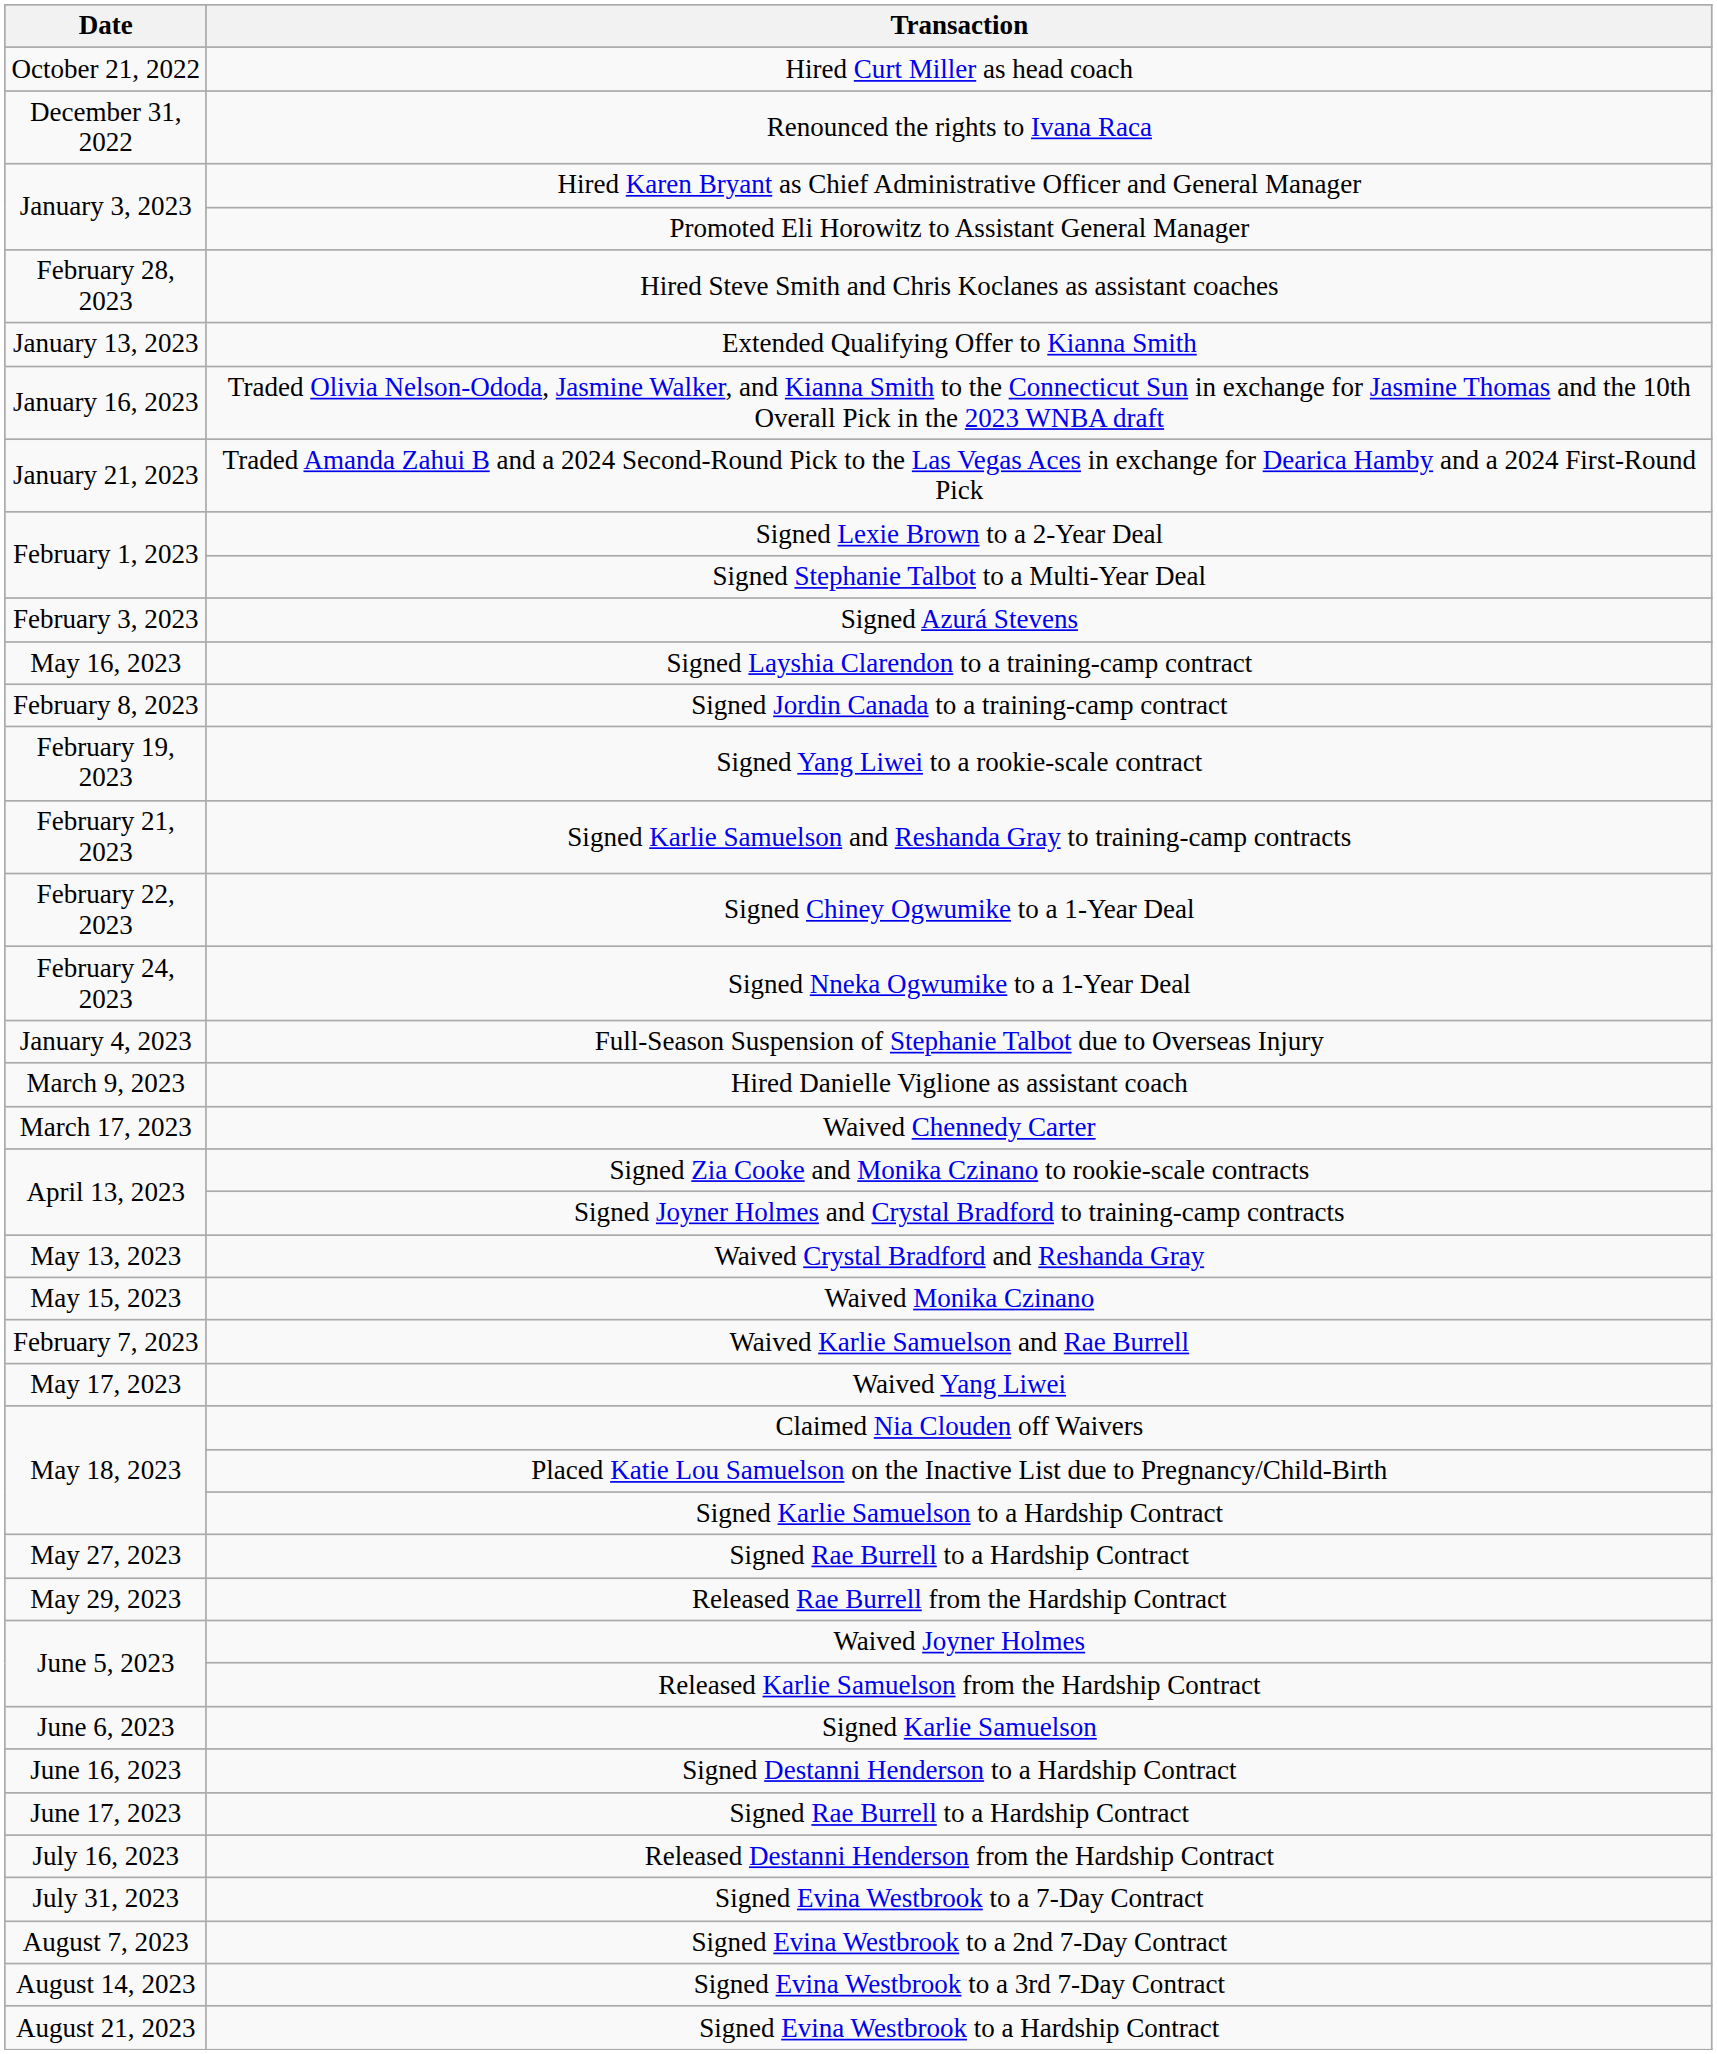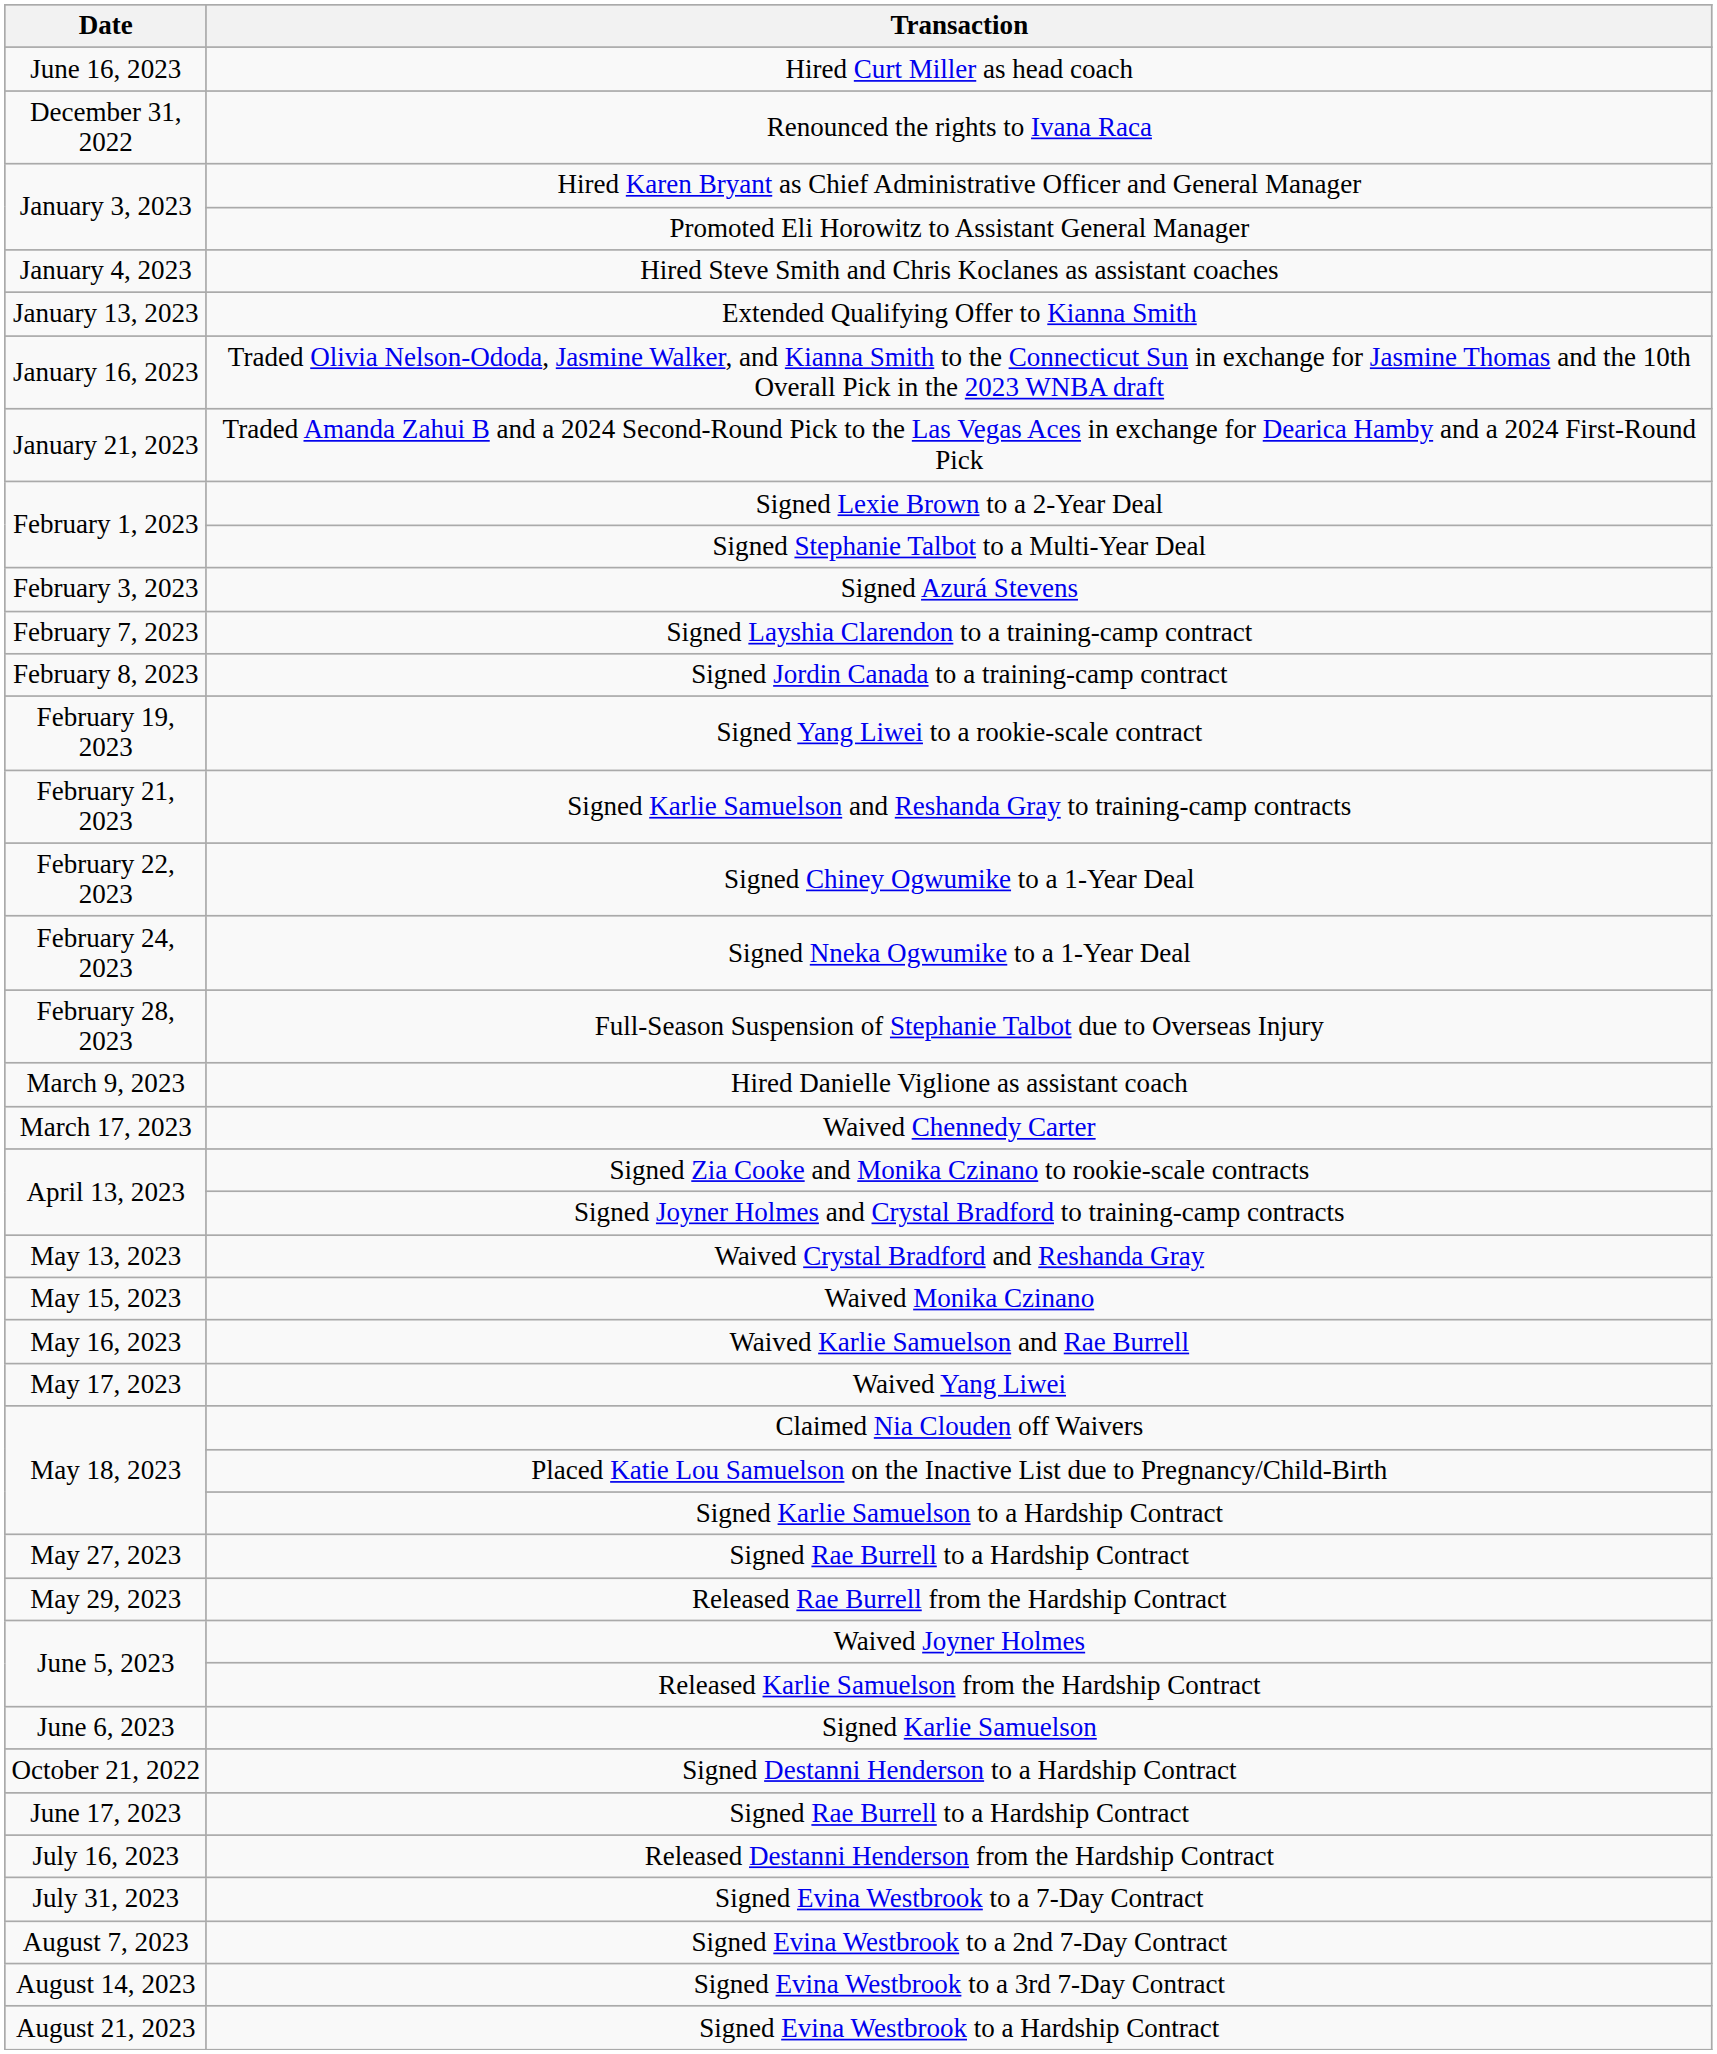 <table class="wikitable" style="width:80%; text-align: center;">
 <tr>
 <th>Date</th>
 <th>Transaction</th>
 </tr>
 <tr>
-<td>October 21, 2022</td>
+<td>June 16, 2023</td>
 <td>Hired <a href='#'>Curt Miller</a> as head coach</td>
 </tr>
 <tr>
 <td>December 31, 2022</td>
 <td>Renounced the rights to <a href='#'>Ivana Raca</a></td>
 </tr>
 <tr>
 <td rowspan=2>January 3, 2023</td>
 <td>Hired <a href='#'>Karen Bryant</a> as Chief Administrative Officer and General Manager</td>
 </tr>
 <tr>
 <td>Promoted Eli Horowitz to Assistant General Manager</td>
 </tr>
 <tr>
-<td>February 28, 2023</td>
+<td>January 4, 2023</td>
 <td>Hired Steve Smith and Chris Koclanes as assistant coaches</td>
 </tr>
 <tr>
 <td>January 13, 2023</td>
 <td>Extended Qualifying Offer to <a href='#'>Kianna Smith</a></td>
 </tr>
 <tr>
 <td>January 16, 2023</td>
 <td>Traded <a href='#'>Olivia Nelson-Ododa</a>, <a href='#'>Jasmine Walker</a>, and <a href='#'>Kianna Smith</a> to the <a href='#'>Connecticut Sun</a> in exchange for <a href='#'>Jasmine Thomas</a> and the 10th Overall Pick in the <a href='#'>2023 WNBA draft</a></td>
 </tr>
 <tr>
 <td>January 21, 2023</td>
 <td>Traded <a href='#'>Amanda Zahui B</a> and a 2024 Second-Round Pick to the <a href='#'>Las Vegas Aces</a> in exchange for <a href='#'>Dearica Hamby</a> and a 2024 First-Round Pick </td>
 </tr>
 <tr>
 <td rowspan=2>February 1, 2023</td>
 <td>Signed <a href='#'>Lexie Brown</a> to a 2-Year Deal</td>
 </tr>
 <tr>
 <td>Signed <a href='#'>Stephanie Talbot</a> to a Multi-Year Deal</td>
 </tr>
 <tr>
 <td>February 3, 2023</td>
 <td>Signed <a href='#'>Azurá Stevens</a></td>
 </tr>
 <tr>
-<td>May 16, 2023</td>
+<td>February 7, 2023</td>
 <td>Signed <a href='#'>Layshia Clarendon</a> to a training-camp contract</td>
 </tr>
 <tr>
 <td>February 8, 2023</td>
 <td>Signed <a href='#'>Jordin Canada</a> to a training-camp contract</td>
 </tr>
 <tr>
 <td>February 19, 2023</td>
 <td>Signed <a href='#'>Yang Liwei</a> to a rookie-scale contract</td>
 </tr>
 <tr>
 <td>February 21, 2023</td>
 <td>Signed <a href='#'>Karlie Samuelson</a> and <a href='#'>Reshanda Gray</a> to training-camp contracts</td>
 </tr>
 <tr>
 <td>February 22, 2023</td>
 <td>Signed <a href='#'>Chiney Ogwumike</a> to a 1-Year Deal</td>
 </tr>
 <tr>
 <td>February 24, 2023</td>
 <td>Signed <a href='#'>Nneka Ogwumike</a> to a 1-Year Deal</td>
 </tr>
 <tr>
-<td>January 4, 2023</td>
+<td>February 28, 2023</td>
 <td>Full-Season Suspension of <a href='#'>Stephanie Talbot</a> due to Overseas Injury</td>
 </tr>
 <tr>
 <td>March 9, 2023</td>
 <td>Hired Danielle Viglione as assistant coach</td>
 </tr>
 <tr>
 <td>March 17, 2023</td>
 <td>Waived <a href='#'>Chennedy Carter</a></td>
 </tr>
 <tr>
 <td rowspan=2>April 13, 2023</td>
 <td>Signed <a href='#'>Zia Cooke</a> and <a href='#'>Monika Czinano</a> to rookie-scale contracts</td>
 </tr>
 <tr>
 <td>Signed <a href='#'>Joyner Holmes</a> and <a href='#'>Crystal Bradford</a> to training-camp contracts</td>
 </tr>
 <tr>
 <td>May 13, 2023</td>
 <td>Waived <a href='#'>Crystal Bradford</a> and <a href='#'>Reshanda Gray</a></td>
 </tr>
 <tr>
 <td>May 15, 2023</td>
 <td>Waived <a href='#'>Monika Czinano</a></td>
 </tr>
 <tr>
-<td>February 7, 2023</td>
+<td>May 16, 2023</td>
 <td>Waived <a href='#'>Karlie Samuelson</a> and <a href='#'>Rae Burrell</a></td>
 </tr>
 <tr>
 <td>May 17, 2023</td>
 <td>Waived <a href='#'>Yang Liwei</a></td>
 </tr>
 <tr>
 <td rowspan=3>May 18, 2023</td>
 <td>Claimed <a href='#'>Nia Clouden</a> off Waivers</td>
 </tr>
 <tr>
 <td>Placed <a href='#'>Katie Lou Samuelson</a> on the Inactive List due to Pregnancy/Child-Birth</td>
 </tr>
 <tr>
 <td>Signed <a href='#'>Karlie Samuelson</a> to a Hardship Contract</td>
 </tr>
 <tr>
 <td>May 27, 2023</td>
 <td>Signed <a href='#'>Rae Burrell</a> to a Hardship Contract</td>
 </tr>
 <tr>
 <td>May 29, 2023</td>
 <td>Released <a href='#'>Rae Burrell</a> from the Hardship Contract</td>
 </tr>
 <tr>
 <td rowspan=2>June 5, 2023</td>
 <td>Waived <a href='#'>Joyner Holmes</a></td>
 </tr>
 <tr>
 <td>Released <a href='#'>Karlie Samuelson</a> from the Hardship Contract</td>
 </tr>
 <tr>
 <td>June 6, 2023</td>
 <td>Signed <a href='#'>Karlie Samuelson</a></td>
 </tr>
 <tr>
-<td>June 16, 2023</td>
+<td>October 21, 2022</td>
 <td>Signed <a href='#'>Destanni Henderson</a> to a Hardship Contract</td>
 </tr>
 <tr>
 <td>June 17, 2023</td>
 <td>Signed <a href='#'>Rae Burrell</a> to a Hardship Contract</td>
 </tr>
 <tr>
 <td>July 16, 2023</td>
 <td>Released <a href='#'>Destanni Henderson</a> from the Hardship Contract</td>
 </tr>
 <tr>
 <td>July 31, 2023</td>
 <td>Signed <a href='#'>Evina Westbrook</a> to a 7-Day Contract</td>
 </tr>
 <tr>
 <td>August 7, 2023</td>
 <td>Signed <a href='#'>Evina Westbrook</a> to a 2nd 7-Day Contract</td>
 </tr>
 <tr>
 <td>August 14, 2023</td>
 <td>Signed <a href='#'>Evina Westbrook</a> to a 3rd 7-Day Contract</td>
 </tr>
 <tr>
 <td>August 21, 2023</td>
 <td>Signed <a href='#'>Evina Westbrook</a> to a Hardship Contract</td>
 </tr>
 </table>
